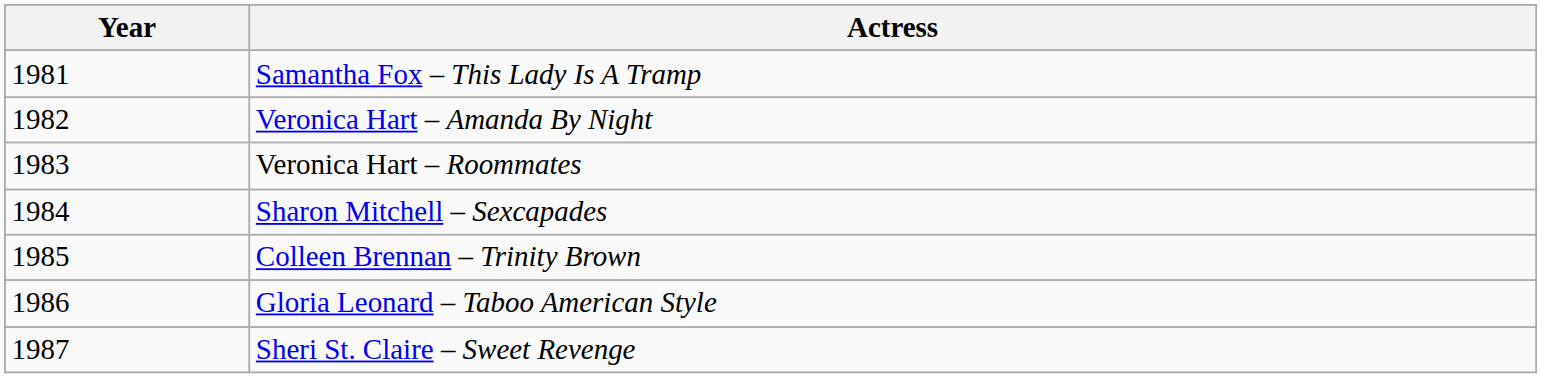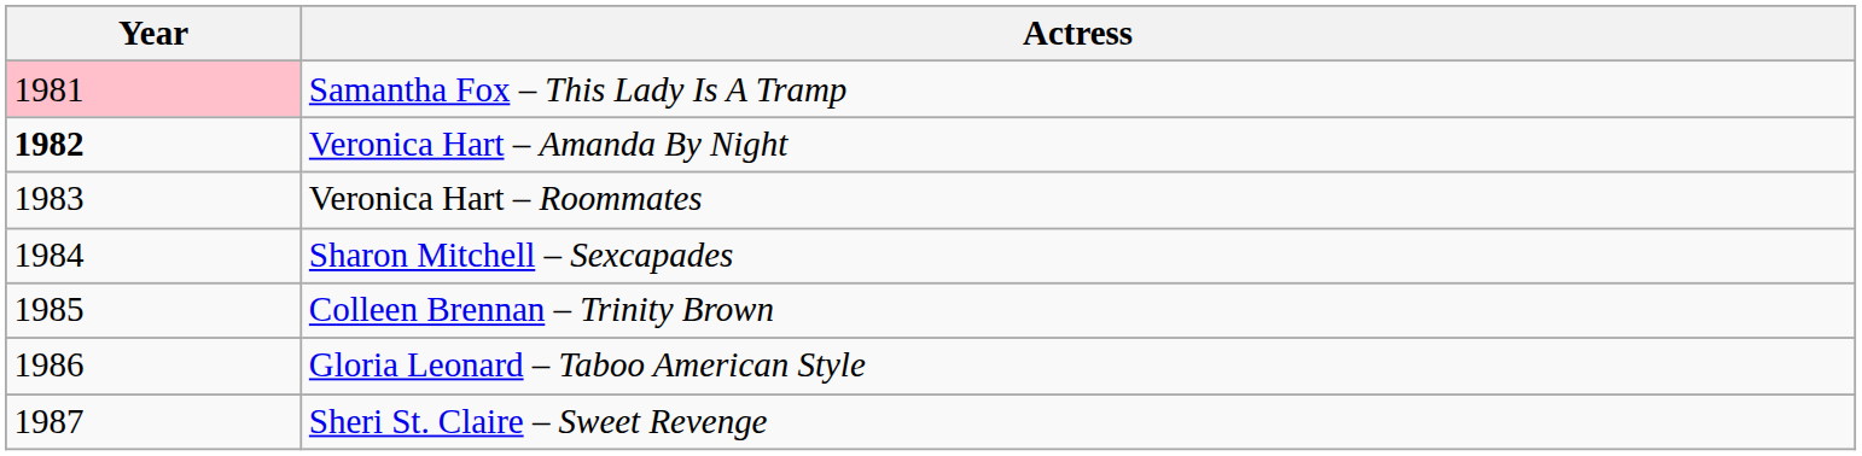 <table class=wikitable width="67%">
 <tr>
 <th width="15">Year</th>
 <th width="200">Actress</th>
 </tr>
 <tr>
-<td>1981</td>
+<td style="background: pink;">1981</td>
 <td><a href='#'>Samantha Fox</a> – <em>This Lady Is A Tramp</em></td>
 </tr>
 <tr>
-<td>1982</td>
+<td><strong>1982</strong></td>
 <td><a href='#'>Veronica Hart</a> – <em>Amanda By Night</em></td>
 </tr>
 <tr>
 <td>1983</td>
 <td>Veronica Hart – <em>Roommates</em></td>
 </tr>
 <tr>
 <td>1984</td>
 <td><a href='#'>Sharon Mitchell</a> – <em>Sexcapades</em></td>
 </tr>
 <tr>
 <td>1985</td>
 <td><a href='#'>Colleen Brennan</a> – <em>Trinity Brown</em></td>
 </tr>
 <tr>
 <td>1986</td>
 <td><a href='#'>Gloria Leonard</a> – <em>Taboo American Style</em></td>
 </tr>
 <tr>
 <td>1987</td>
 <td><a href='#'>Sheri St. Claire</a> – <em>Sweet Revenge</em></td>
 </tr>
 </table>
